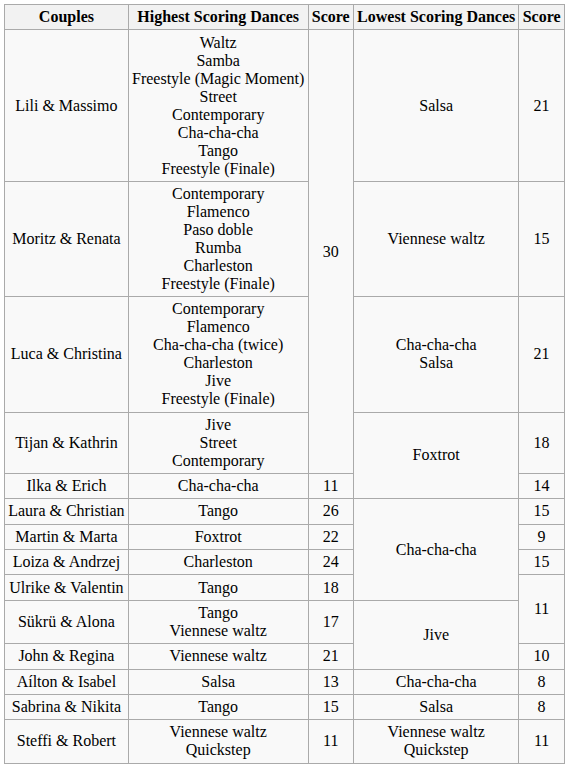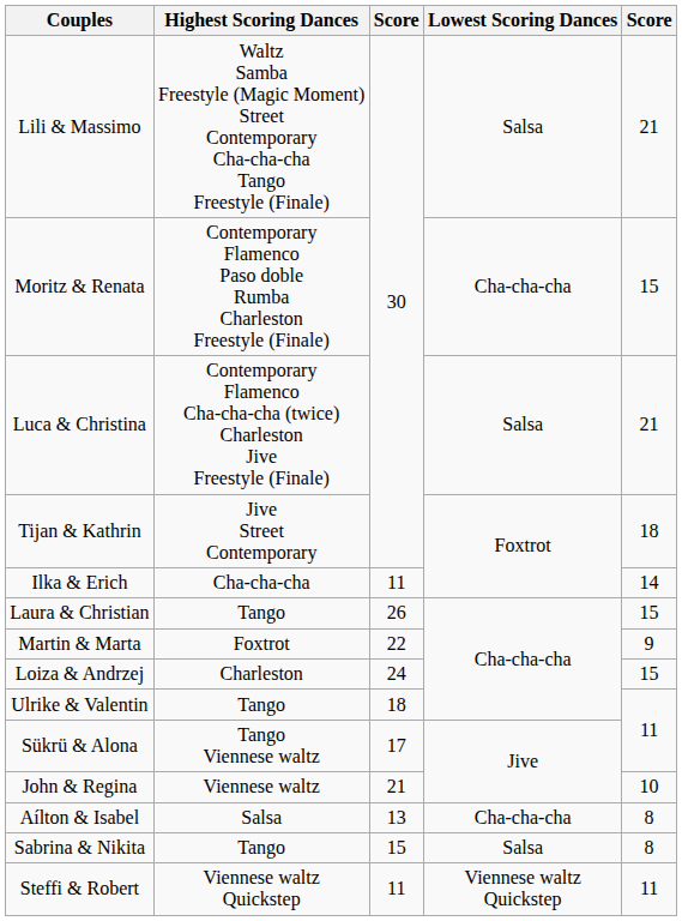 <table class="wikitable sortable" style="text-align:center;">
 <tr>
 <th>Couples</th>
 <th>Highest Scoring Dances</th>
 <th>Score</th>
 <th>Lowest Scoring Dances</th>
 <th>Score</th>
 </tr>
 <tr>
 <td>Lili & Massimo</td>
 <td>Waltz<br>Samba<br>Freestyle (Magic Moment)<br>Street<br>Contemporary<br>Cha-cha-cha<br>Tango<br>Freestyle (Finale)</td>
 <td rowspan="4">30</td>
 <td>Salsa</td>
 <td>21</td>
 </tr>
 <tr>
 <td>Moritz & Renata</td>
 <td>Contemporary<br>Flamenco<br>Paso doble<br>Rumba<br>Charleston<br>Freestyle (Finale)</td>
-<td>Viennese waltz</td>
+<td>Cha-cha-cha</td>
 <td>15</td>
 </tr>
 <tr>
 <td>Luca & Christina</td>
 <td>Contemporary<br>Flamenco<br>Cha-cha-cha (twice)<br>Charleston<br>Jive<br>Freestyle (Finale)</td>
-<td>Cha-cha-cha<br>Salsa</td>
+<td>Salsa</td>
 <td>21</td>
 </tr>
 <tr>
 <td>Tijan & Kathrin</td>
 <td>Jive<br>Street<br>Contemporary</td>
 <td rowspan="2">Foxtrot</td>
 <td>18</td>
 </tr>
 <tr>
 <td>Ilka & Erich</td>
 <td>Cha-cha-cha</td>
 <td>11</td>
 <td>14</td>
 </tr>
 <tr>
 <td>Laura & Christian</td>
 <td>Tango</td>
 <td>26</td>
 <td rowspan="4">Cha-cha-cha</td>
 <td>15</td>
 </tr>
 <tr>
 <td>Martin & Marta</td>
 <td>Foxtrot</td>
 <td>22</td>
 <td>9</td>
 </tr>
 <tr>
 <td>Loiza & Andrzej</td>
 <td>Charleston</td>
 <td>24</td>
 <td>15</td>
 </tr>
 <tr>
 <td>Ulrike & Valentin</td>
 <td>Tango</td>
 <td>18</td>
 <td rowspan="2">11</td>
 </tr>
 <tr>
 <td>Sükrü & Alona</td>
 <td>Tango<br>Viennese waltz</td>
 <td>17</td>
 <td rowspan="2">Jive</td>
 </tr>
 <tr>
 <td>John & Regina</td>
 <td>Viennese waltz</td>
 <td>21</td>
 <td>10</td>
 </tr>
 <tr>
 <td>Aílton & Isabel</td>
 <td>Salsa</td>
 <td>13</td>
 <td>Cha-cha-cha</td>
 <td>8</td>
 </tr>
 <tr>
 <td>Sabrina & Nikita</td>
 <td>Tango</td>
 <td>15</td>
 <td>Salsa</td>
 <td>8</td>
 </tr>
 <tr>
 <td>Steffi & Robert</td>
 <td>Viennese waltz<br>Quickstep</td>
 <td>11</td>
 <td>Viennese waltz<br>Quickstep</td>
 <td>11</td>
 </tr>
 <tr>
 </tr>
 </table>
